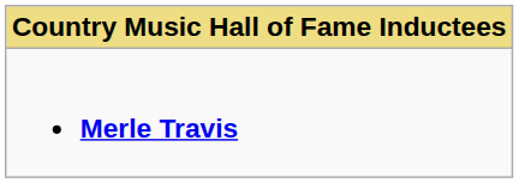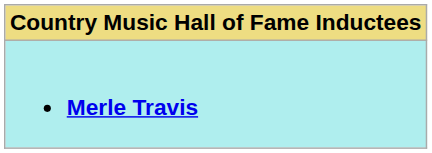 <table class="wikitable">
 <tr>
 <th style="background:#EEDD82; width=50%">Country Music Hall of Fame Inductees</th>
 </tr>
 <tr>
-<td valign="top"><br><ul><li><strong><a href='#'>Merle Travis</a></strong></li></ul></td>
+<td valign="top" style="background: paleturquoise;"><br><ul><li><strong><a href='#'>Merle Travis</a></strong></li></ul></td>
 </tr>
 </table>
